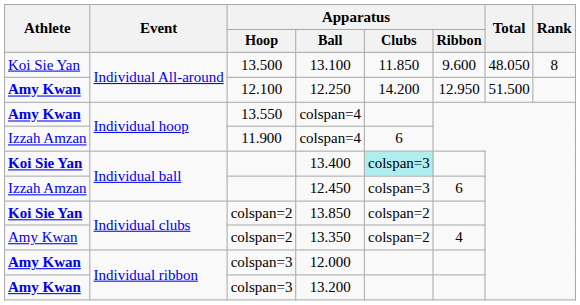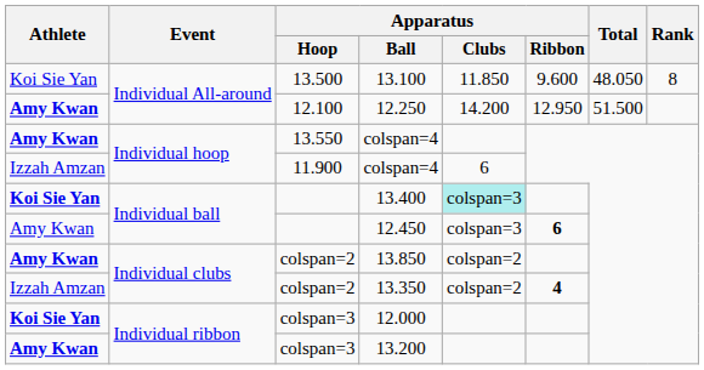 <table class=wikitable style="font-size:90%">
 <tr>
 <th rowspan=2>Athlete</th>
 <th rowspan=2>Event</th>
 <th colspan=4>Apparatus</th>
 <th rowspan=2>Total</th>
 <th rowspan=2>Rank</th>
 </tr>
 <tr style="font-size:95%;">
 <th>Hoop</th>
 <th>Ball</th>
 <th>Clubs</th>
 <th>Ribbon</th>
 </tr>
 <tr align=center>
 <td align=left><a href='#'>Koi Sie Yan</a></td>
 <td align=left rowspan=2><a href='#'>Individual All-around</a></td>
 <td>13.500</td>
 <td>13.100</td>
 <td>11.850</td>
 <td>9.600</td>
 <td>48.050</td>
 <td>8</td>
 </tr>
 <tr align=center>
 <td align=left><strong><a href='#'>Amy Kwan</a></strong></td>
 <td>12.100</td>
 <td>12.250</td>
 <td>14.200</td>
 <td>12.950</td>
 <td>51.500</td>
 <td></td>
 </tr>
 <tr align=center>
 <td align=left><strong><a href='#'>Amy Kwan</a></strong></td>
 <td align=left rowspan=2><a href='#'>Individual hoop</a></td>
 <td>13.550</td>
 <td>colspan=4 </td>
 <td></td>
 </tr>
 <tr align=center>
 <td align=left><a href='#'>Izzah Amzan</a></td>
 <td>11.900</td>
 <td>colspan=4 </td>
 <td>6</td>
 </tr>
 <tr align=center>
 <td align=left><strong><a href='#'>Koi Sie Yan</a> </strong></td>
 <td align=left rowspan=2><a href='#'>Individual ball</a></td>
 <td></td>
 <td>13.400</td>
 <td style="background: paleturquoise;">colspan=3 </td>
 <td></td>
 </tr>
 <tr align=center>
-<td align=left><a href='#'>Izzah Amzan</a></td>
+<td align=left><a href='#'>Amy Kwan</a></td>
 <td></td>
 <td>12.450</td>
 <td>colspan=3 </td>
-<td>6</td>
+<td><strong>6</strong></td>
 </tr>
 <tr align=center>
-<td align=left><strong><a href='#'>Koi Sie Yan</a> </strong></td>
+<td align=left><strong><a href='#'>Amy Kwan</a></strong></td>
 <td align=left rowspan=2><a href='#'>Individual clubs</a></td>
 <td>colspan=2 </td>
 <td>13.850</td>
 <td>colspan=2 </td>
 <td></td>
 </tr>
 <tr align=center>
-<td align=left><a href='#'>Amy Kwan</a></td>
+<td align=left><a href='#'>Izzah Amzan</a></td>
 <td>colspan=2 </td>
 <td>13.350</td>
 <td>colspan=2 </td>
-<td>4</td>
+<td><strong>4</strong></td>
 </tr>
 <tr align=center>
-<td align=left><strong><a href='#'>Amy Kwan</a></strong></td>
+<td align=left><strong><a href='#'>Koi Sie Yan</a> </strong></td>
 <td align=left rowspan=2><a href='#'>Individual ribbon</a></td>
 <td>colspan=3 </td>
 <td>12.000</td>
 <td></td>
 <td></td>
 </tr>
 <tr align=center>
 <td align=left><strong><a href='#'>Amy Kwan</a></strong></td>
 <td>colspan=3 </td>
 <td>13.200</td>
 <td></td>
 <td></td>
 </tr>
 </table>
